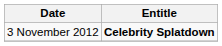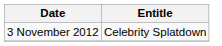 <table class="wikitable" style="text-align:center;">
 <tr>
 <th>Date</th>
 <th>Entitle</th>
 </tr>
 <tr>
 <td>3 November 2012</td>
-<td><strong>Celebrity Splatdown</strong></td>
+<td>Celebrity Splatdown</td>
 </tr>
 <tr>
 </tr>
 </table>
